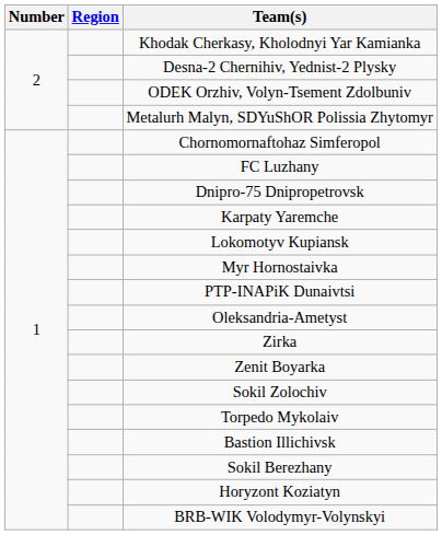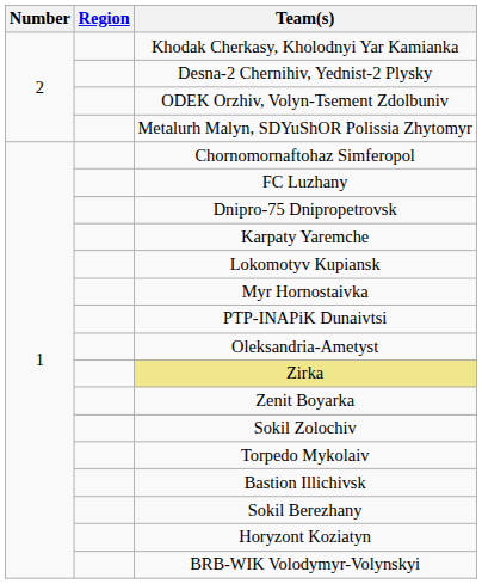 <table class="wikitable" style="text-align:center">
 <tr>
 <th>Number</th>
 <th><a href='#'>Region</a></th>
 <th>Team(s)</th>
 </tr>
 <tr>
 <td rowspan="4">2</td>
 <td align="left"></td>
 <td>Khodak Cherkasy, Kholodnyi Yar Kamianka</td>
 </tr>
 <tr>
 <td align="left"></td>
 <td>Desna-2 Chernihiv, Yednist-2 Plysky</td>
 </tr>
 <tr>
 <td align="left"></td>
 <td>ODEK Orzhiv, Volyn-Tsement Zdolbuniv</td>
 </tr>
 <tr>
 <td align="left"></td>
 <td>Metalurh Malyn, SDYuShOR Polissia Zhytomyr</td>
 </tr>
 <tr>
 <td rowspan="16">1</td>
 <td align="left"></td>
 <td>Chornomornaftohaz Simferopol</td>
 </tr>
 <tr>
 <td align="left"></td>
 <td>FC Luzhany</td>
 </tr>
 <tr>
 <td align="left"></td>
 <td>Dnipro-75 Dnipropetrovsk</td>
 </tr>
 <tr>
 <td align="left"></td>
 <td>Karpaty Yaremche</td>
 </tr>
 <tr>
 <td align="left"></td>
 <td>Lokomotyv Kupiansk</td>
 </tr>
 <tr>
 <td align="left"></td>
 <td>Myr Hornostaivka</td>
 </tr>
 <tr>
 <td align="left"></td>
 <td>PTP-INAPiK Dunaivtsi</td>
 </tr>
 <tr>
 <td align="left"></td>
 <td>Oleksandria-Ametyst</td>
 </tr>
 <tr>
 <td align="left"></td>
-<td>Zirka</td>
+<td style="background: khaki;">Zirka</td>
 </tr>
 <tr>
 <td align="left"></td>
 <td>Zenit Boyarka</td>
 </tr>
 <tr>
 <td align="left"></td>
 <td>Sokil Zolochiv</td>
 </tr>
 <tr>
 <td align="left"></td>
 <td>Torpedo Mykolaiv</td>
 </tr>
 <tr>
 <td align="left"></td>
 <td>Bastion Illichivsk</td>
 </tr>
 <tr>
 <td align="left"></td>
 <td>Sokil Berezhany</td>
 </tr>
 <tr>
 <td align="left"></td>
 <td>Horyzont Koziatyn</td>
 </tr>
 <tr>
 <td align="left"></td>
 <td>BRB-WIK Volodymyr-Volynskyi</td>
 </tr>
 </table>
